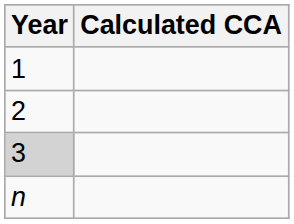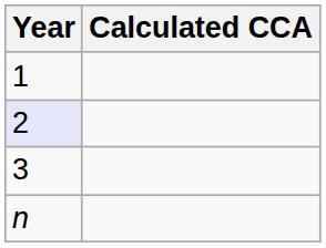 <table class="wikitable">
 <tr>
 <th>Year</th>
 <th>Calculated CCA</th>
 </tr>
 <tr>
 <td>1</td>
 <td></td>
 </tr>
 <tr>
-<td>2</td>
+<td style="background: lavender;">2</td>
 <td></td>
 </tr>
 <tr>
-<td style="background: lightgrey;">3</td>
+<td>3</td>
 <td></td>
 </tr>
 <tr>
 <td><em>n</em></td>
 <td></td>
 </tr>
 </table>
